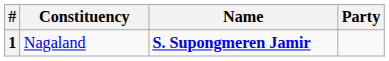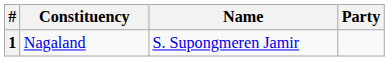 <table class="wikitable sortable">
 <tr>
 <th>#</th>
 <th style="width:120px">Constituency</th>
 <th style="width:180px">Name</th>
 <th colspan=2>Party</th>
 </tr>
 <tr>
 <th>1</th>
 <td><a href='#'>Nagaland</a></td>
-<td><strong><a href='#'>S. Supongmeren Jamir</a></strong></td>
+<td><a href='#'>S. Supongmeren Jamir</a></td>
 <td></td>
 </tr>
 </table>
